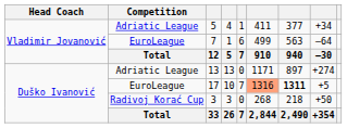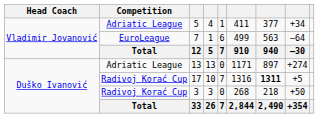 <table class="wikitable" style="font-size:95%; text-align:center;">
 <tr>
 <th>Head Coach</th>
 <th>Competition</th>
 <th></th>
 <th></th>
 <th></th>
 <th></th>
 <th></th>
 <th></th>
 <th></th>
 </tr>
 <tr>
 <td rowspan=3><a href='#'>Vladimir Jovanović</a></td>
 <td><a href='#'>Adriatic League</a></td>
 <td>5</td>
 <td>4</td>
 <td>1</td>
 <td>411</td>
 <td>377</td>
 <td>+34</td>
 <td></td>
 </tr>
 <tr>
 <td><a href='#'>EuroLeague</a></td>
 <td>7</td>
 <td>1</td>
 <td>6</td>
 <td>499</td>
 <td>563</td>
 <td>–64</td>
 <td></td>
 </tr>
 <tr>
 <th>Total</th>
 <th>12</th>
 <th>5</th>
 <th>7</th>
 <th>910</th>
 <th>940</th>
 <th>–30</th>
 <th></th>
 </tr>
 <tr>
 <td rowspan=4><a href='#'>Duško Ivanović</a></td>
 <td>Adriatic League</td>
 <td>13</td>
 <td>13</td>
 <td>0</td>
 <td>1171</td>
 <td>897</td>
 <td>+274</td>
 <td></td>
 </tr>
 <tr>
-<td>EuroLeague</td>
+<td><a href='#'>Radivoj Korać Cup</a></td>
 <td>17</td>
 <td>10</td>
 <td>7</td>
-<td style="background: lightsalmon;">1316</td>
+<td>1316</td>
 <td><strong>1311</strong></td>
 <td>+5</td>
 <td></td>
 </tr>
 <tr>
 <td><a href='#'>Radivoj Korać Cup</a></td>
 <td>3</td>
 <td>3</td>
 <td>0</td>
 <td>268</td>
 <td>218</td>
 <td>+50</td>
 <td></td>
 </tr>
 <tr>
 <th>Total</th>
 <th>33</th>
 <th>26</th>
 <th>7</th>
 <th>2,844</th>
 <th>2,490</th>
 <th>+354</th>
 <th></th>
 </tr>
 </table>
